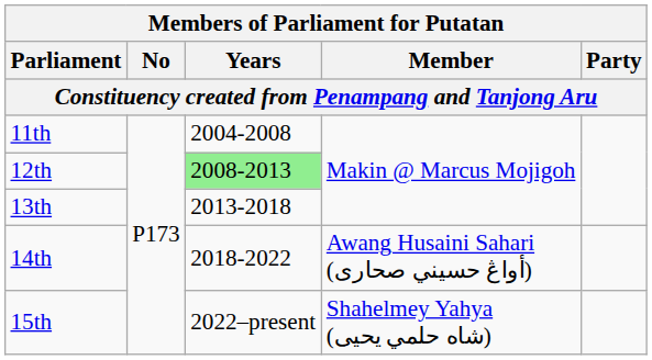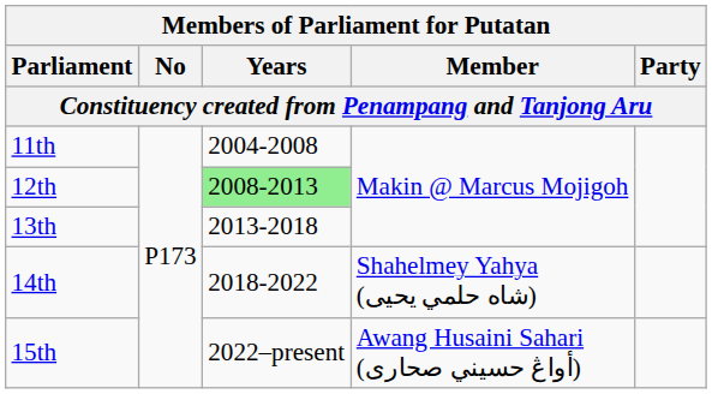 <table class=wikitable>
 <tr>
 <th colspan="5">Members of Parliament for Putatan</th>
 </tr>
 <tr>
 <th>Parliament</th>
 <th>No</th>
 <th>Years</th>
 <th>Member</th>
 <th>Party</th>
 </tr>
 <tr>
 <th colspan="5" align="center"><em>Constituency created from <a href='#'>Penampang</a> and <a href='#'>Tanjong Aru</a></em></th>
 </tr>
 <tr>
 <td><a href='#'>11th</a></td>
 <td rowspan="5">P173</td>
 <td>2004-2008</td>
 <td rowspan=3><a href='#'>Makin @ Marcus Mojigoh</a></td>
 <td rowspan=3></td>
 </tr>
 <tr>
 <td><a href='#'>12th</a></td>
 <td style="background: lightgreen;">2008-2013</td>
 </tr>
 <tr>
 <td><a href='#'>13th</a></td>
 <td>2013-2018</td>
 </tr>
 <tr>
 <td><a href='#'>14th</a></td>
 <td>2018-2022</td>
-<td><a href='#'>Awang Husaini Sahari</a> <br>(أواڠ حسيني صحارى)</td>
+<td><a href='#'>Shahelmey Yahya</a> <br>(شاه حلمي يحيى)</td>
 <td></td>
 </tr>
 <tr>
 <td><a href='#'>15th</a></td>
 <td>2022–present</td>
-<td><a href='#'>Shahelmey Yahya</a> <br>(شاه حلمي يحيى)</td>
+<td><a href='#'>Awang Husaini Sahari</a> <br>(أواڠ حسيني صحارى)</td>
 <td></td>
 </tr>
 </table>
